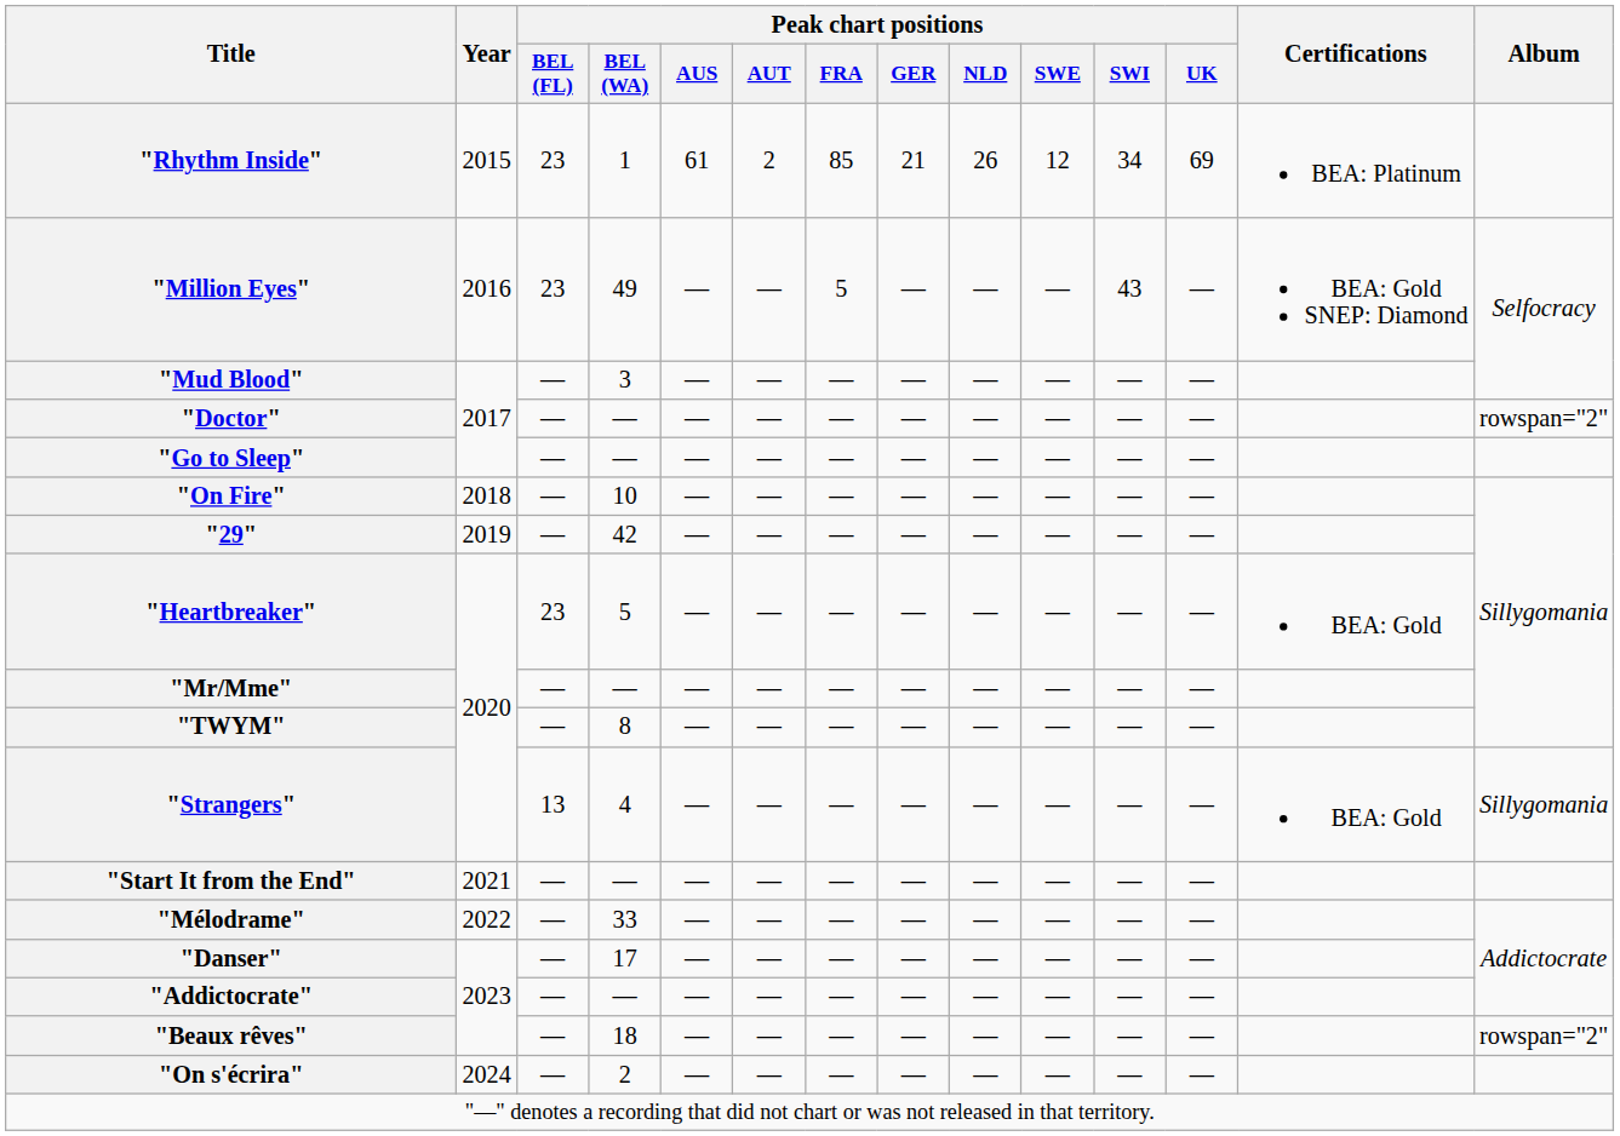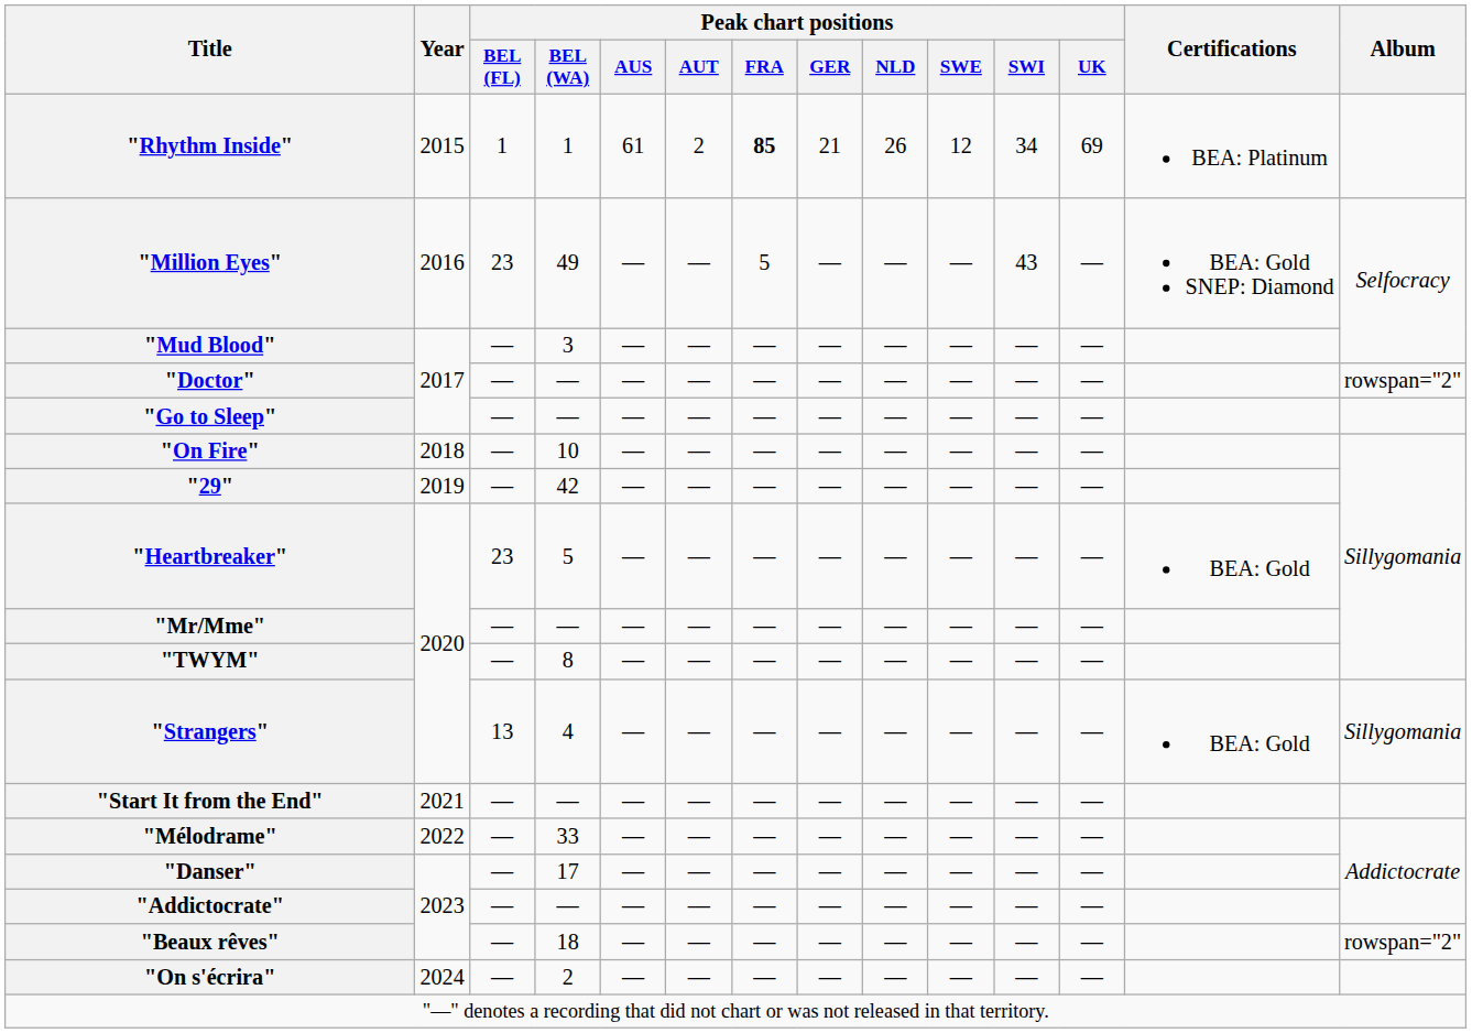 <table class="wikitable plainrowheaders" style="text-align:center;">
 <tr>
 <th scope="col" rowspan="2" style="width:18em;">Title</th>
 <th scope="col" rowspan="2" style="width:1em;">Year</th>
 <th scope="col" colspan="10">Peak chart positions</th>
 <th scope="col" rowspan="2">Certifications</th>
 <th scope="col" rowspan="2">Album</th>
 </tr>
 <tr>
 <th scope="col" style="width:3em;font-size:85%;"><a href='#'>BEL<br>(FL)</a><br></th>
 <th scope="col" style="width:3em;font-size:85%;"><a href='#'>BEL<br>(WA)</a><br></th>
 <th scope="col" style="width:3em;font-size:85%;"><a href='#'>AUS</a><br></th>
 <th scope="col" style="width:3em;font-size:85%;"><a href='#'>AUT</a><br></th>
 <th scope="col" style="width:3em;font-size:85%;"><a href='#'>FRA</a><br></th>
 <th scope="col" style="width:3em;font-size:85%;"><a href='#'>GER</a><br></th>
 <th scope="col" style="width:3em;font-size:85%;"><a href='#'>NLD</a><br></th>
 <th scope="col" style="width:3em;font-size:85%;"><a href='#'>SWE</a><br></th>
 <th scope="col" style="width:3em;font-size:85%;"><a href='#'>SWI</a><br></th>
 <th scope="col" style="width:3em;font-size:85%;"><a href='#'>UK</a><br></th>
 </tr>
 <tr>
 <th scope="row">"<a href='#'>Rhythm Inside</a>"</th>
 <td>2015</td>
-<td>23</td>
+<td>1</td>
 <td>1</td>
 <td>61</td>
 <td>2</td>
-<td>85</td>
+<td><strong>85</strong></td>
 <td>21</td>
 <td>26</td>
 <td>12</td>
 <td>34</td>
 <td>69</td>
 <td><br><ul><li>BEA: Platinum</li></ul></td>
 <td></td>
 </tr>
 <tr>
 <th scope="row">"<a href='#'>Million Eyes</a>"</th>
 <td>2016</td>
 <td>23</td>
 <td>49</td>
 <td>—</td>
 <td>—</td>
 <td>5</td>
 <td>—</td>
 <td>—</td>
 <td>—</td>
 <td>43</td>
 <td>—</td>
 <td><br><ul><li>BEA: Gold</li><li>SNEP: Diamond</li></ul></td>
 <td rowspan="2"><em>Selfocracy</em></td>
 </tr>
 <tr>
 <th scope="row">"<a href='#'>Mud Blood</a>"</th>
 <td rowspan="3">2017</td>
 <td>—</td>
 <td>3</td>
 <td>—</td>
 <td>—</td>
 <td>—</td>
 <td>—</td>
 <td>—</td>
 <td>—</td>
 <td>—</td>
 <td>—</td>
 <td></td>
 </tr>
 <tr>
 <th scope="row">"<a href='#'>Doctor</a>"</th>
 <td>—</td>
 <td>—</td>
 <td>—</td>
 <td>—</td>
 <td>—</td>
 <td>—</td>
 <td>—</td>
 <td>—</td>
 <td>—</td>
 <td>—</td>
 <td></td>
 <td>rowspan="2" </td>
 </tr>
 <tr>
 <th scope="row">"<a href='#'>Go to Sleep</a>"</th>
 <td>—</td>
 <td>—</td>
 <td>—</td>
 <td>—</td>
 <td>—</td>
 <td>—</td>
 <td>—</td>
 <td>—</td>
 <td>—</td>
 <td>—</td>
 <td></td>
 <td></td>
 </tr>
 <tr>
 <th scope="row">"<a href='#'>On Fire</a>"</th>
 <td>2018</td>
 <td>—</td>
 <td>10</td>
 <td>—</td>
 <td>—</td>
 <td>—</td>
 <td>—</td>
 <td>—</td>
 <td>—</td>
 <td>—</td>
 <td>—</td>
 <td></td>
 <td rowspan="5"><em>Sillygomania</em></td>
 </tr>
 <tr>
 <th scope="row">"<a href='#'>29</a>"</th>
 <td>2019</td>
 <td>—</td>
 <td>42</td>
 <td>—</td>
 <td>—</td>
 <td>—</td>
 <td>—</td>
 <td>—</td>
 <td>—</td>
 <td>—</td>
 <td>—</td>
 <td></td>
 </tr>
 <tr>
 <th scope="row">"<a href='#'>Heartbreaker</a>"</th>
 <td rowspan="4">2020</td>
 <td>23</td>
 <td>5</td>
 <td>—</td>
 <td>—</td>
 <td>—</td>
 <td>—</td>
 <td>—</td>
 <td>—</td>
 <td>—</td>
 <td>—</td>
 <td><br><ul><li>BEA: Gold</li></ul></td>
 </tr>
 <tr>
 <th scope="row">"Mr/Mme"</th>
 <td>—</td>
 <td>—</td>
 <td>—</td>
 <td>—</td>
 <td>—</td>
 <td>—</td>
 <td>—</td>
 <td>—</td>
 <td>—</td>
 <td>—</td>
 <td></td>
 </tr>
 <tr>
 <th scope="row">"TWYM"</th>
 <td>—</td>
 <td>8</td>
 <td>—</td>
 <td>—</td>
 <td>—</td>
 <td>—</td>
 <td>—</td>
 <td>—</td>
 <td>—</td>
 <td>—</td>
 <td></td>
 </tr>
 <tr>
 <th scope="row">"<a href='#'>Strangers</a>"<br></th>
 <td>13</td>
 <td>4</td>
 <td>—</td>
 <td>—</td>
 <td>—</td>
 <td>—</td>
 <td>—</td>
 <td>—</td>
 <td>—</td>
 <td>—</td>
 <td><br><ul><li>BEA: Gold</li></ul></td>
 <td><em>Sillygomania</em></td>
 </tr>
 <tr>
 <th scope="row">"Start It from the End"<br></th>
 <td>2021</td>
 <td>—</td>
 <td>—</td>
 <td>—</td>
 <td>—</td>
 <td>—</td>
 <td>—</td>
 <td>—</td>
 <td>—</td>
 <td>—</td>
 <td>—</td>
 <td></td>
 </tr>
 <tr>
 <th scope="row">"Mélodrame"</th>
 <td>2022</td>
 <td>—</td>
 <td>33</td>
 <td>—</td>
 <td>—</td>
 <td>—</td>
 <td>—</td>
 <td>—</td>
 <td>—</td>
 <td>—</td>
 <td>—</td>
 <td></td>
 <td rowspan="3"><em>Addictocrate</em></td>
 </tr>
 <tr>
 <th scope="row">"Danser"</th>
 <td rowspan="3">2023</td>
 <td>—</td>
 <td>17</td>
 <td>—</td>
 <td>—</td>
 <td>—</td>
 <td>—</td>
 <td>—</td>
 <td>—</td>
 <td>—</td>
 <td>—</td>
 <td></td>
 </tr>
 <tr>
 <th scope="row">"Addictocrate"</th>
 <td>—</td>
 <td>—</td>
 <td>—</td>
 <td>—</td>
 <td>—</td>
 <td>—</td>
 <td>—</td>
 <td>—</td>
 <td>—</td>
 <td>—</td>
 <td></td>
 </tr>
 <tr>
 <th scope="row">"Beaux rêves"<br></th>
 <td>—</td>
 <td>18</td>
 <td>—</td>
 <td>—</td>
 <td>—</td>
 <td>—</td>
 <td>—</td>
 <td>—</td>
 <td>—</td>
 <td>—</td>
 <td></td>
 <td>rowspan="2" </td>
 </tr>
 <tr>
 <th scope="row">"On s'écrira"<br></th>
 <td>2024</td>
 <td>—</td>
 <td>2</td>
 <td>—</td>
 <td>—</td>
 <td>—</td>
 <td>—</td>
 <td>—</td>
 <td>—</td>
 <td>—</td>
 <td>—</td>
 <td></td>
 </tr>
 <tr>
 <td colspan="14" style="font-size:90%">"—" denotes a recording that did not chart or was not released in that territory.</td>
 </tr>
 </table>
